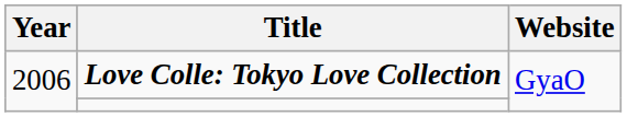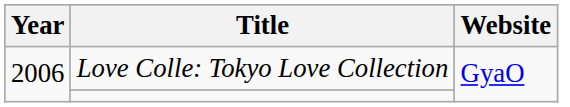 <table class="wikitable">
 <tr>
 <th>Year</th>
 <th>Title</th>
 <th>Website</th>
 </tr>
 <tr>
 <td rowspan="2">2006</td>
-<td><strong><em>Love Colle: Tokyo Love Collection</em></strong></td>
+<td><em>Love Colle: Tokyo Love Collection</em></td>
 <td rowspan="2"><a href='#'>GyaO</a></td>
 </tr>
 <tr>
 <td><em></em></td>
 </tr>
 </table>
